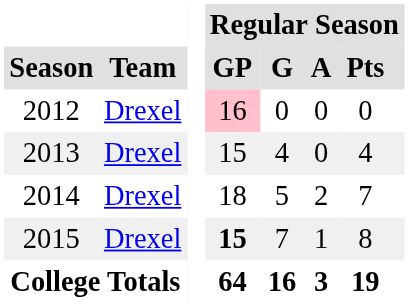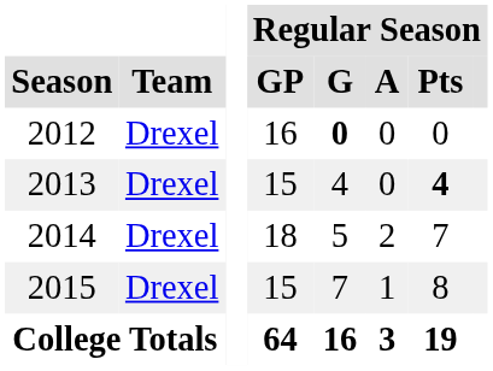 <table BORDER="0" CELLPADDING="3" CELLSPACING="0">
 <tr ALIGN="center" bgcolor="#e0e0e0">
 <th colspan="2" bgcolor="#ffffff"> </th>
 <th rowspan="99" bgcolor="#ffffff"> </th>
 <th colspan="6">Regular Season</th>
 </tr>
 <tr ALIGN="center" bgcolor="#e0e0e0">
 <th>Season</th>
 <th>Team</th>
 <th>GP</th>
 <th>G</th>
 <th>A</th>
 <th>Pts</th>
 <th></th>
 </tr>
 <tr ALIGN="center">
 <td>2012</td>
 <td><a href='#'>Drexel</a></td>
-<td style="background: pink;">16</td>
-<td>0</td>
+<td>16</td>
+<td><strong>0</strong></td>
 <td>0</td>
 <td>0</td>
 <td></td>
 </tr>
 <tr ALIGN="center" bgcolor="#f0f0f0">
 <td>2013</td>
 <td><a href='#'>Drexel</a></td>
 <td>15</td>
 <td>4</td>
 <td>0</td>
-<td>4</td>
+<td><strong>4</strong></td>
 <td></td>
 </tr>
 <tr ALIGN="center">
 <td>2014</td>
 <td><a href='#'>Drexel</a></td>
 <td>18</td>
 <td>5</td>
 <td>2</td>
 <td>7</td>
 <td></td>
 </tr>
 <tr ALIGN="center" bgcolor="#f0f0f0">
 <td>2015</td>
 <td><a href='#'>Drexel</a></td>
-<td><strong>15</strong></td>
+<td>15</td>
 <td>7</td>
 <td>1</td>
 <td>8</td>
 <td></td>
 </tr>
 <tr ALIGN="center">
 <th colspan="2">College Totals</th>
 <th>64</th>
 <th>16</th>
 <th>3</th>
 <th>19</th>
 <th></th>
 </tr>
 </table>
